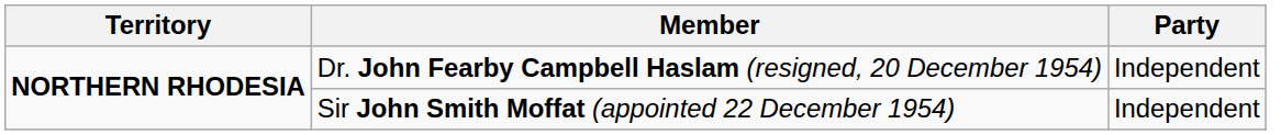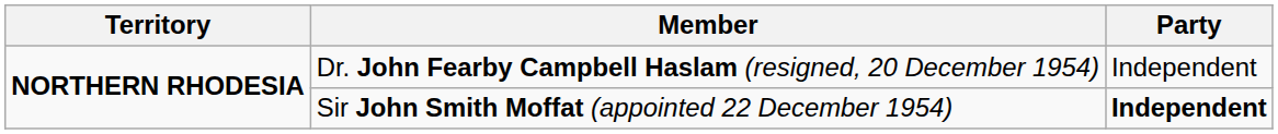 <table class="wikitable">
 <tr>
 <th align="left">Territory</th>
 <th align="left">Member</th>
 <th align="left">Party</th>
 </tr>
 <tr>
 <td rowspan=2><strong>NORTHERN RHODESIA</strong></td>
 <td align="left">Dr. <strong>John Fearby Campbell Haslam</strong> <em>(resigned, 20 December 1954)</em></td>
 <td align="left">Independent</td>
 </tr>
 <tr>
 <td align="left">Sir <strong>John Smith Moffat</strong> <em>(appointed 22 December 1954)</em></td>
-<td align="left">Independent</td>
+<td align="left"><strong>Independent</strong></td>
 </tr>
 </table>
